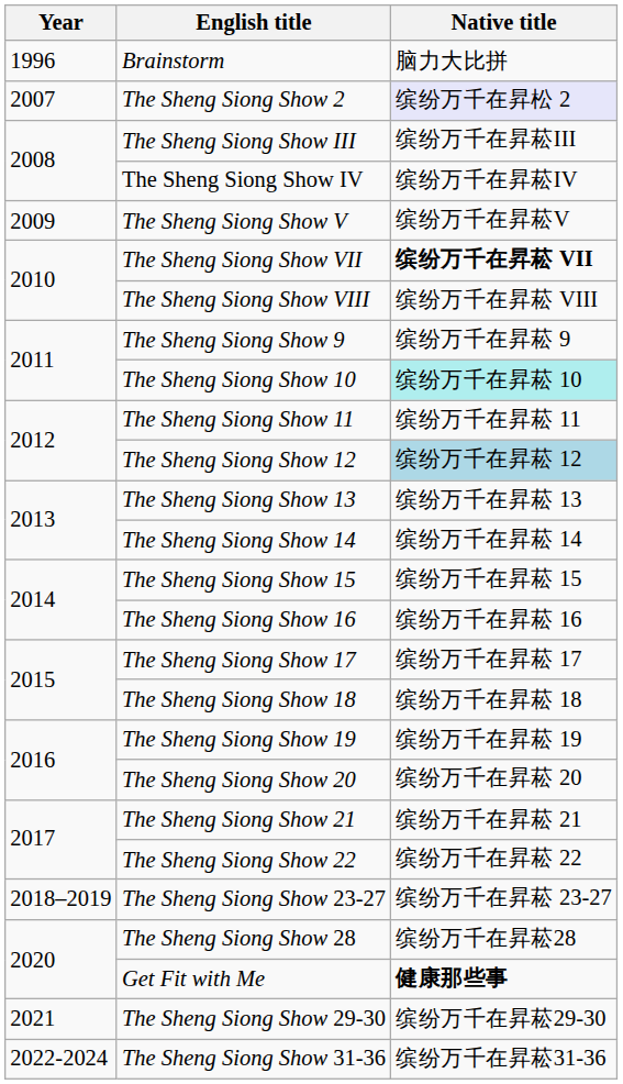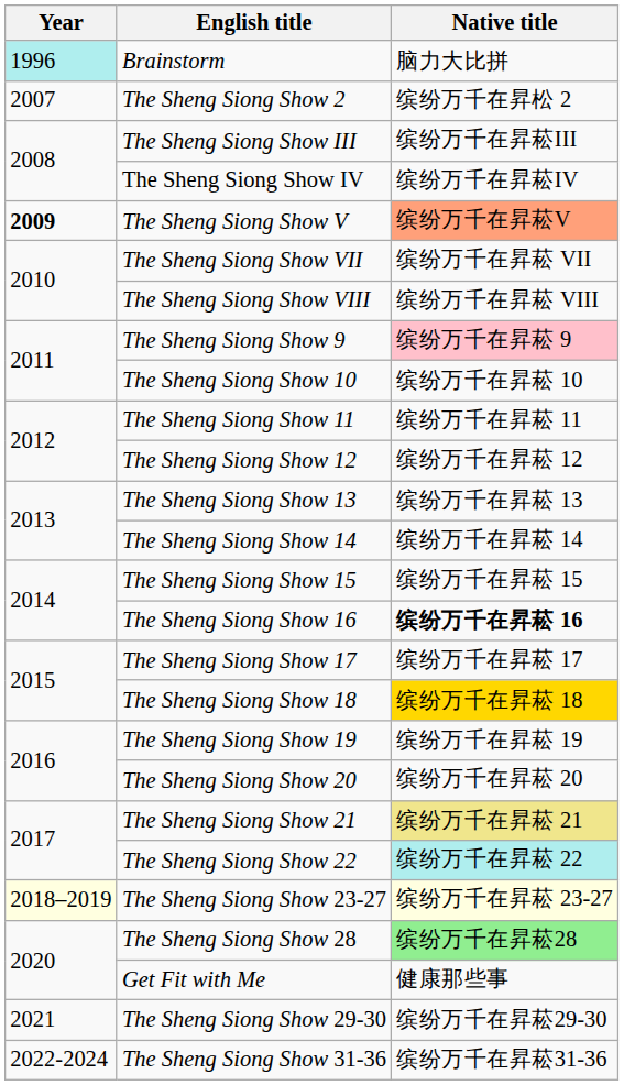 <table class="wikitable sortable">
 <tr>
 <th>Year</th>
 <th>English title</th>
 <th>Native title</th>
 </tr>
 <tr>
-<td>1996</td>
+<td style="background: paleturquoise;">1996</td>
 <td><em>Brainstorm</em></td>
 <td>脑力大比拼</td>
 </tr>
 <tr>
 <td>2007</td>
 <td><em>The Sheng Siong Show 2</em></td>
-<td style="background: lavender;">缤纷万千在昇松 2</td>
+<td>缤纷万千在昇松 2</td>
 </tr>
 <tr>
 <td rowspan="2">2008</td>
 <td><em>The Sheng Siong Show III</em></td>
 <td>缤纷万千在昇菘III</td>
 </tr>
 <tr>
 <td>The Sheng Siong Show IV</td>
 <td>缤纷万千在昇菘IV</td>
 </tr>
 <tr>
-<td>2009</td>
+<td><strong>2009</strong></td>
 <td><em>The Sheng Siong Show V</em></td>
-<td>缤纷万千在昇菘V</td>
+<td style="background: lightsalmon;">缤纷万千在昇菘V</td>
 </tr>
 <tr>
 <td rowspan="2">2010</td>
 <td><em>The Sheng Siong Show VII</em></td>
-<td><strong>缤纷万千在昇菘 VII</strong></td>
+<td>缤纷万千在昇菘 VII</td>
 </tr>
 <tr>
 <td><em>The Sheng Siong Show VIII</em></td>
 <td>缤纷万千在昇菘 VIII</td>
 </tr>
 <tr>
 <td rowspan="2">2011</td>
 <td><em>The Sheng Siong Show 9</em></td>
-<td>缤纷万千在昇菘 9</td>
+<td style="background: pink;">缤纷万千在昇菘 9</td>
 </tr>
 <tr>
 <td><em>The Sheng Siong Show 10</em></td>
-<td style="background: paleturquoise;">缤纷万千在昇菘 10</td>
+<td>缤纷万千在昇菘 10</td>
 </tr>
 <tr>
 <td rowspan="2">2012</td>
 <td><em>The Sheng Siong Show 11</em></td>
 <td>缤纷万千在昇菘 11</td>
 </tr>
 <tr>
 <td><em>The Sheng Siong Show 12</em></td>
-<td style="background: lightblue;">缤纷万千在昇菘 12</td>
+<td>缤纷万千在昇菘 12</td>
 </tr>
 <tr>
 <td rowspan="2">2013</td>
 <td><em>The Sheng Siong Show 13</em></td>
 <td>缤纷万千在昇菘 13</td>
 </tr>
 <tr>
 <td><em>The Sheng Siong Show 14</em></td>
 <td>缤纷万千在昇菘 14</td>
 </tr>
 <tr>
 <td rowspan="2"'>2014</td>
 <td><em>The Sheng Siong Show 15</em></td>
 <td>缤纷万千在昇菘 15</td>
 </tr>
 <tr>
 <td><em>The Sheng Siong Show 16</em></td>
-<td>缤纷万千在昇菘 16</td>
+<td><strong>缤纷万千在昇菘 16</strong></td>
 </tr>
 <tr>
 <td rowspan="2">2015</td>
 <td><em>The Sheng Siong Show 17</em></td>
 <td>缤纷万千在昇菘 17</td>
 </tr>
 <tr>
 <td><em>The Sheng Siong Show 18</em></td>
-<td>缤纷万千在昇菘 18</td>
+<td style="background: gold;">缤纷万千在昇菘 18</td>
 </tr>
 <tr>
 <td rowspan="2">2016</td>
 <td><em>The Sheng Siong Show 19</em></td>
 <td>缤纷万千在昇菘 19</td>
 </tr>
 <tr>
 <td><em>The Sheng Siong Show 20</em></td>
 <td>缤纷万千在昇菘 20</td>
 </tr>
 <tr>
 <td rowspan="2">2017</td>
 <td><em>The Sheng Siong Show 21</em></td>
-<td>缤纷万千在昇菘 21</td>
+<td style="background: khaki;">缤纷万千在昇菘 21</td>
 </tr>
 <tr>
 <td><em>The Sheng Siong Show 22</em></td>
-<td>缤纷万千在昇菘 22</td>
+<td style="background: paleturquoise;">缤纷万千在昇菘 22</td>
 </tr>
 <tr>
-<td rowspan="1">2018–2019</td>
+<td rowspan="1" style="background: lightyellow;">2018–2019</td>
 <td><em>The Sheng Siong Show</em> 23-27</td>
-<td>缤纷万千在昇菘 23-27</td>
+<td style="background: lightyellow;">缤纷万千在昇菘 23-27</td>
 </tr>
 <tr>
 <td rowspan="2">2020</td>
 <td><em>The Sheng Siong Show</em> 28</td>
-<td>缤纷万千在昇菘28</td>
+<td style="background: lightgreen;">缤纷万千在昇菘28</td>
 </tr>
 <tr>
 <td><em>Get Fit with Me</em></td>
-<td><strong>健康那些事</strong></td>
+<td>健康那些事</td>
 </tr>
 <tr>
 <td rowspan="1">2021</td>
 <td><em>The Sheng Siong Show</em> 29-30</td>
 <td>缤纷万千在昇菘29-30</td>
 </tr>
 <tr>
 <td rowspan="1">2022-2024</td>
 <td><em>The Sheng Siong Show</em> 31-36</td>
 <td>缤纷万千在昇菘31-36</td>
 </tr>
 </table>
